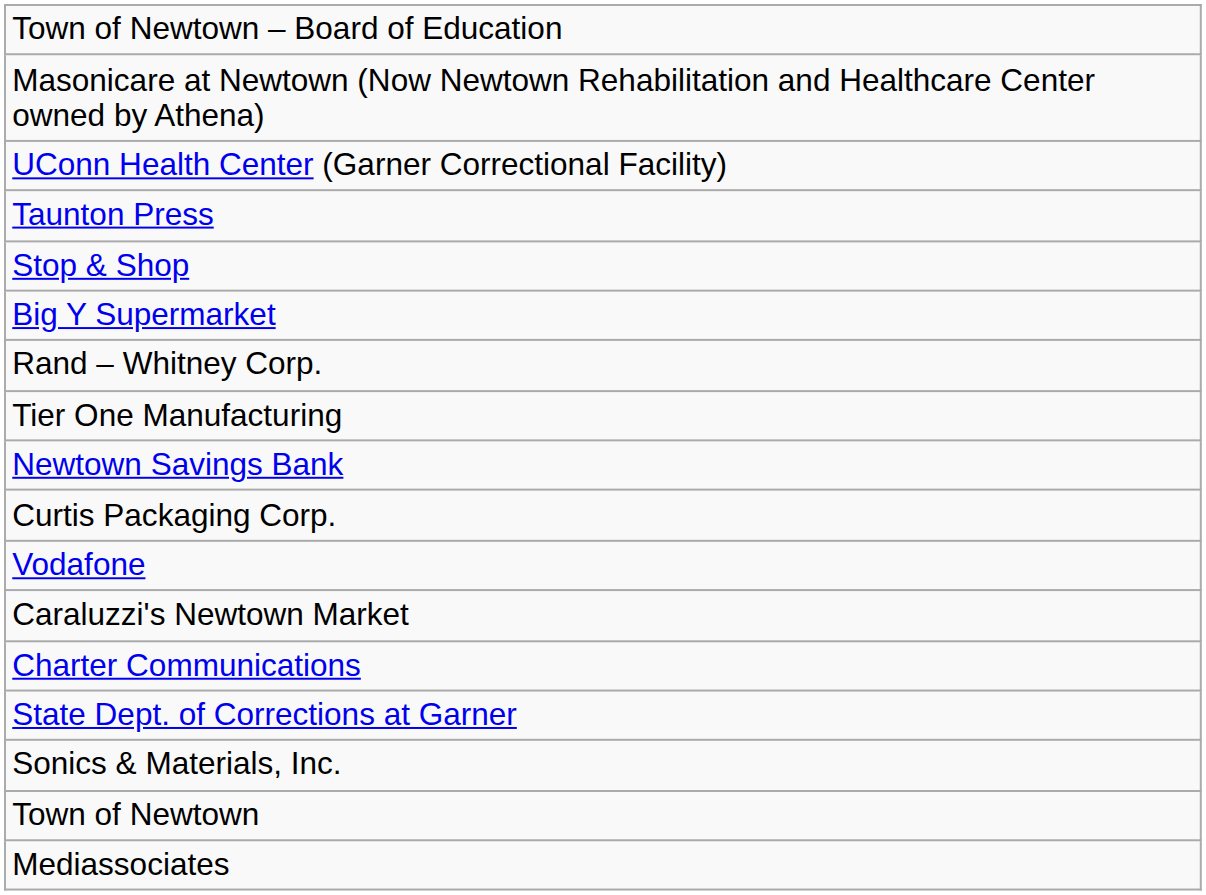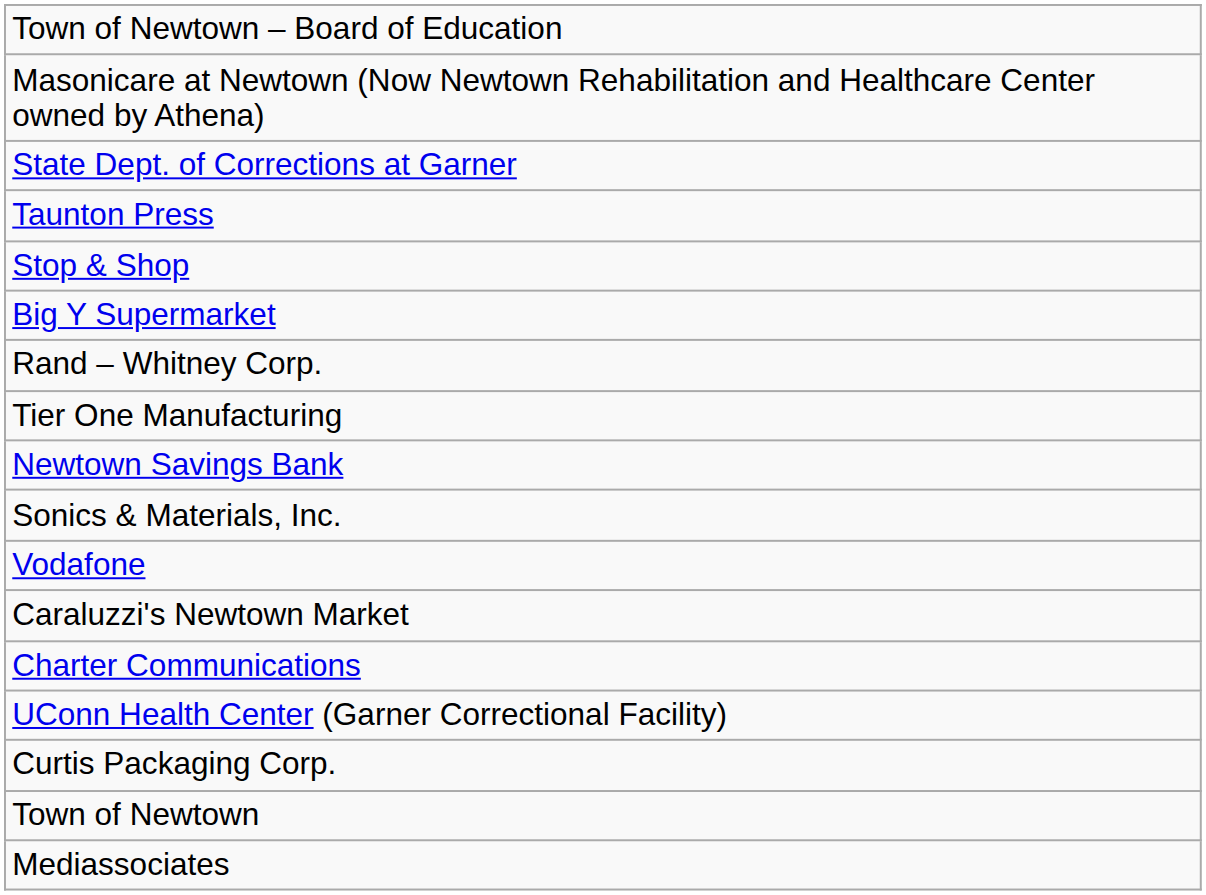 <table class="wikitable">
 <tr>
 <td>Town of Newtown – Board of Education</td>
 </tr>
 <tr>
 <td>Masonicare at Newtown (Now Newtown Rehabilitation and Healthcare Center owned by Athena)</td>
 </tr>
 <tr>
-<td><a href='#'>UConn Health Center</a> (Garner Correctional Facility)</td>
+<td><a href='#'>State Dept. of Corrections at Garner</a></td>
 </tr>
 <tr>
 <td><a href='#'>Taunton Press</a></td>
 </tr>
 <tr>
 <td><a href='#'>Stop & Shop</a></td>
 </tr>
 <tr>
 <td><a href='#'>Big Y Supermarket</a></td>
 </tr>
 <tr>
 <td>Rand – Whitney Corp.</td>
 </tr>
 <tr>
 <td>Tier One Manufacturing</td>
 </tr>
 <tr>
 <td><a href='#'>Newtown Savings Bank</a></td>
 </tr>
 <tr>
-<td>Curtis Packaging Corp.</td>
+<td>Sonics & Materials, Inc.</td>
 </tr>
 <tr>
 <td><a href='#'>Vodafone</a></td>
 </tr>
 <tr>
 <td>Caraluzzi's Newtown Market</td>
 </tr>
 <tr>
 <td><a href='#'>Charter Communications</a></td>
 </tr>
 <tr>
-<td><a href='#'>State Dept. of Corrections at Garner</a></td>
+<td><a href='#'>UConn Health Center</a> (Garner Correctional Facility)</td>
 </tr>
 <tr>
-<td>Sonics & Materials, Inc.</td>
+<td>Curtis Packaging Corp.</td>
 </tr>
 <tr>
 <td>Town of Newtown</td>
 </tr>
 <tr>
 <td>Mediassociates</td>
 </tr>
 </table>
